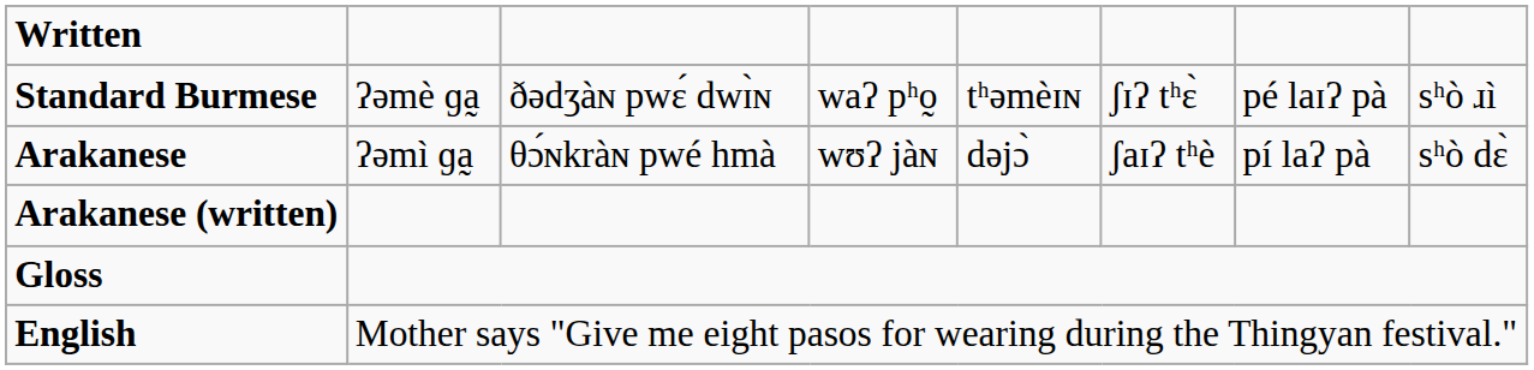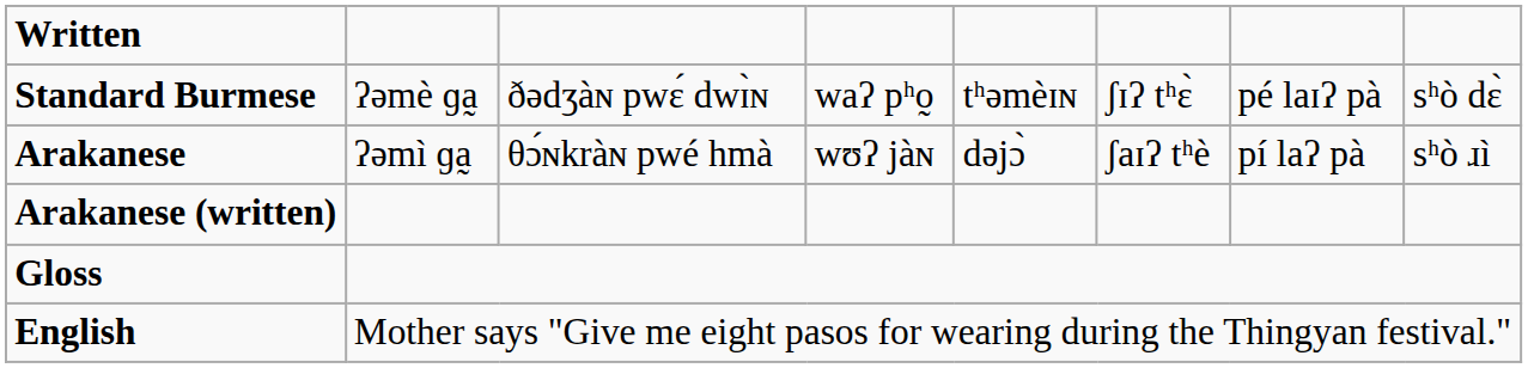 <table class="wikitable">
 <tr>
 <td><strong>Written</strong></td>
 <td></td>
 <td></td>
 <td></td>
 <td></td>
 <td></td>
 <td></td>
 <td></td>
 </tr>
 <tr>
 <td><strong>Standard Burmese</strong></td>
 <td>ʔəmè ɡa̰</td>
 <td>ðədʒàɴ pwɛ́ dwɪ̀ɴ</td>
 <td>waʔ pʰo̰</td>
 <td>tʰəmèɪɴ</td>
 <td>ʃɪʔ tʰɛ̀</td>
 <td>pé laɪʔ pà</td>
-<td>sʰò ɹì</td>
+<td>sʰò dɛ̀</td>
 </tr>
 <tr>
 <td><strong>Arakanese</strong></td>
 <td>ʔəmì ɡa̰</td>
 <td>θɔ́ɴkràɴ pwé hmà</td>
 <td>wʊʔ jàɴ</td>
 <td>dəjɔ̀</td>
 <td>ʃaɪʔ tʰè</td>
 <td>pí laʔ pà</td>
-<td>sʰò dɛ̀</td>
+<td>sʰò ɹì</td>
 </tr>
 <tr>
 <td><strong>Arakanese (written)</strong></td>
 <td></td>
 <td></td>
 <td></td>
 <td></td>
 <td></td>
 <td></td>
 <td></td>
 </tr>
 <tr>
 <td><strong>Gloss</strong></td>
 </tr>
 <tr>
 <td><strong>English</strong></td>
 <td colspan="8">Mother says "Give me eight pasos for wearing during the Thingyan festival."</td>
 </tr>
 </table>
